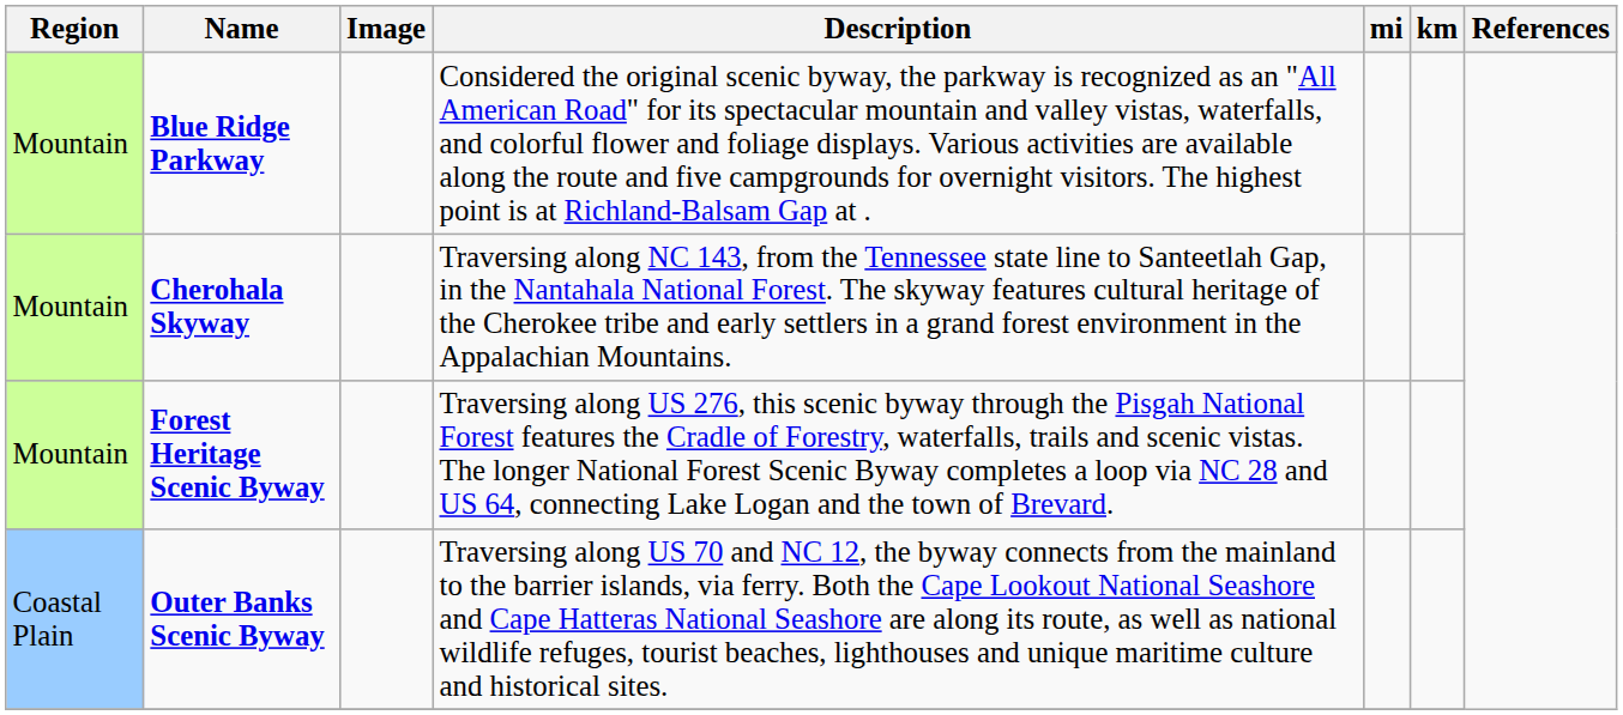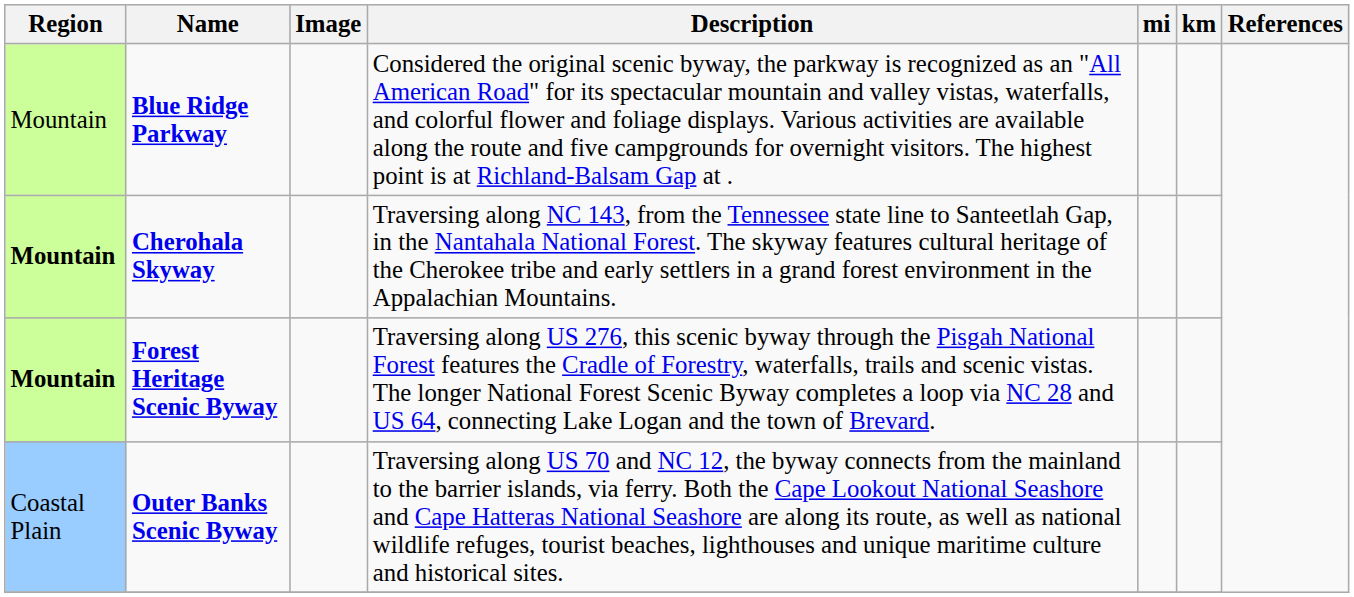 <table class="wikitable sortable">
 <tr>
 <th>Region</th>
 <th>Name</th>
 <th class="unsortable">Image</th>
 <th>Description</th>
 <th>mi</th>
 <th class="unsortable">km</th>
 <th class="unsortable">References</th>
 </tr>
 <tr>
 <td bgcolor=ccff99>Mountain</td>
 <td><strong><a href='#'>Blue Ridge Parkway</a></strong></td>
 <td></td>
 <td>Considered the original scenic byway, the parkway is recognized as an "<a href='#'>All American Road</a>" for its spectacular mountain and valley vistas, waterfalls, and colorful flower and foliage displays. Various activities are available along the route and five campgrounds for overnight visitors. The highest point is at <a href='#'>Richland-Balsam Gap</a> at .</td>
 <td></td>
 <td></td>
 </tr>
 <tr>
-<td bgcolor=ccff99>Mountain</td>
+<td bgcolor=ccff99><strong>Mountain</strong></td>
 <td><strong><a href='#'>Cherohala Skyway</a></strong></td>
 <td></td>
 <td>Traversing along <a href='#'>NC 143</a>, from the <a href='#'>Tennessee</a> state line to Santeetlah Gap, in the <a href='#'>Nantahala National Forest</a>. The skyway features cultural heritage of the Cherokee tribe and early settlers in a grand forest environment in the Appalachian Mountains.</td>
 <td></td>
 <td></td>
 </tr>
 <tr>
-<td bgcolor=ccff99>Mountain</td>
+<td bgcolor=ccff99><strong>Mountain</strong></td>
 <td><strong><a href='#'>Forest Heritage Scenic Byway</a></strong></td>
 <td></td>
 <td>Traversing along <a href='#'>US 276</a>, this scenic byway through the <a href='#'>Pisgah National Forest</a> features the <a href='#'>Cradle of Forestry</a>, waterfalls, trails and scenic vistas. The longer  National Forest Scenic Byway completes a loop via <a href='#'>NC 28</a> and <a href='#'>US 64</a>, connecting Lake Logan and the town of <a href='#'>Brevard</a>.</td>
 <td></td>
 <td></td>
 </tr>
 <tr>
 <td bgcolor=99ccff>Coastal Plain</td>
 <td><strong><a href='#'>Outer Banks Scenic Byway</a></strong></td>
 <td></td>
 <td>Traversing along <a href='#'>US 70</a> and <a href='#'>NC 12</a>, the byway connects from the mainland to the barrier islands, via ferry. Both the <a href='#'>Cape Lookout National Seashore</a> and <a href='#'>Cape Hatteras National Seashore</a> are along its route, as well as national wildlife refuges, tourist beaches, lighthouses and unique maritime culture and historical sites.</td>
 <td></td>
 <td></td>
 </tr>
 <tr>
 </tr>
 </table>
